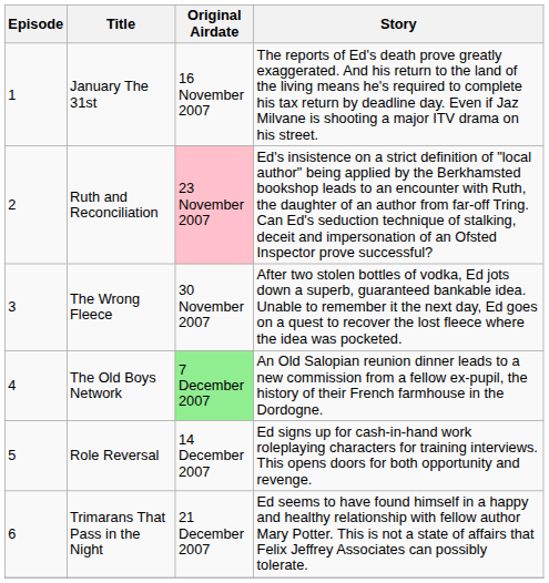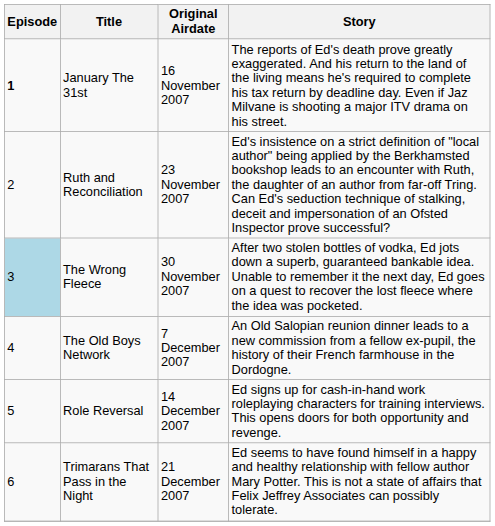 <table class="wikitable">
 <tr>
 <th>Episode</th>
 <th>Title</th>
 <th>Original Airdate</th>
 <th>Story</th>
 </tr>
 <tr --->
-<td>1</td>
+<td><strong>1</strong></td>
 <td>January The 31st</td>
 <td>16 November 2007</td>
 <td>The reports of Ed's death prove greatly exaggerated. And his return to the land of the living means he's required to complete his tax return by deadline day. Even if Jaz Milvane is shooting a major ITV drama on his street.</td>
 </tr>
 <tr --->
 <td>2</td>
 <td>Ruth and Reconciliation</td>
-<td style="background: pink;">23 November 2007</td>
+<td>23 November 2007</td>
 <td>Ed's insistence on a strict definition of "local author" being applied by the Berkhamsted bookshop leads to an encounter with Ruth, the daughter of an author from far-off Tring. Can Ed's seduction technique of stalking, deceit and impersonation of an Ofsted Inspector prove successful?</td>
 </tr>
 <tr --->
-<td>3</td>
+<td style="background: lightblue;">3</td>
 <td>The Wrong Fleece</td>
 <td>30 November 2007</td>
 <td>After two stolen bottles of vodka, Ed jots down a superb, guaranteed bankable idea. Unable to remember it the next day, Ed goes on a quest to recover the lost fleece where the idea was pocketed.</td>
 </tr>
 <tr --->
 <td>4</td>
 <td>The Old Boys Network</td>
-<td style="background: lightgreen;">7 December 2007</td>
+<td>7 December 2007</td>
 <td>An Old Salopian reunion dinner leads to a new commission from a fellow ex-pupil, the history of their French farmhouse in the Dordogne.</td>
 </tr>
 <tr --->
 <td>5</td>
 <td>Role Reversal</td>
 <td>14 December 2007</td>
 <td>Ed signs up for cash-in-hand work roleplaying characters for training interviews. This opens doors for both opportunity and revenge.</td>
 </tr>
 <tr --->
 <td>6</td>
 <td>Trimarans That Pass in the Night</td>
 <td>21 December 2007</td>
 <td>Ed seems to have found himself in a happy and healthy relationship with fellow author Mary Potter. This is not a state of affairs that Felix Jeffrey Associates can possibly tolerate.</td>
 </tr>
 <tr --->
 </tr>
 </table>
